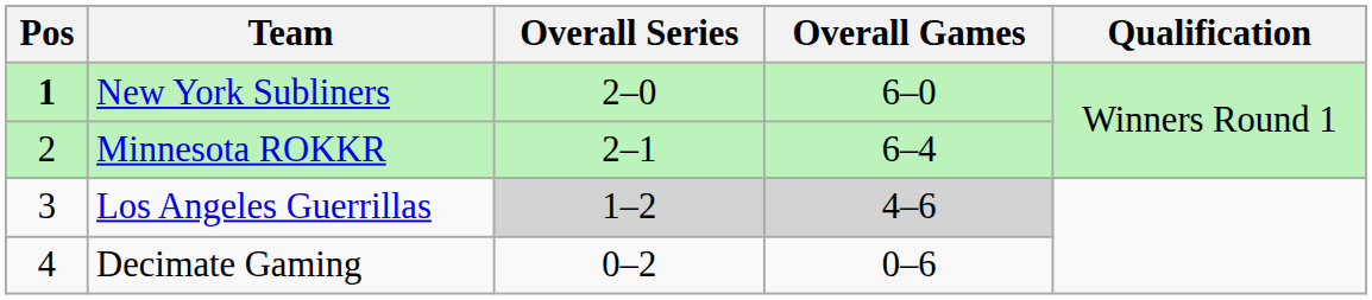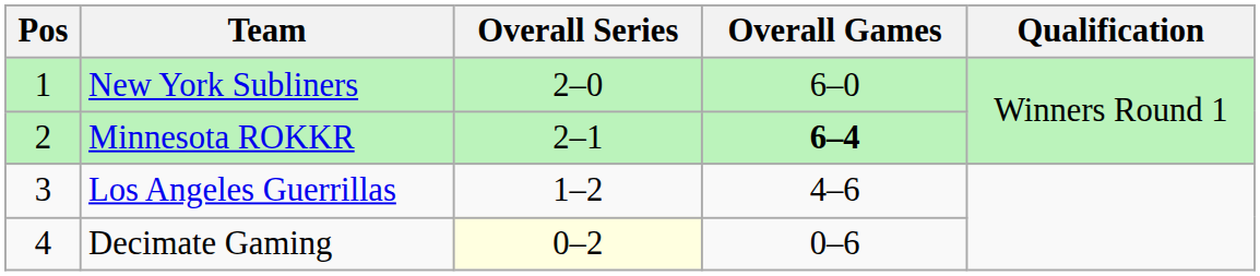 <table class="wikitable" width="600px" style="text-align:center">
 <tr>
 <th>Pos</th>
 <th>Team</th>
 <th>Overall Series</th>
 <th>Overall Games</th>
 <th>Qualification</th>
 </tr>
 <tr style="background:#BBF3BB">
-<td><strong>1</strong></td>
+<td>1</td>
 <td style="text-align:left"><a href='#'>New York Subliners</a></td>
 <td>2–0</td>
 <td>6–0</td>
 <td rowspan="2">Winners Round 1</td>
 </tr>
 <tr style="background:#BBF3BB">
 <td>2</td>
 <td style="text-align:left"><a href='#'>Minnesota ROKKR</a></td>
 <td>2–1</td>
-<td>6–4</td>
+<td><strong>6–4</strong></td>
 </tr>
 <tr>
 <td>3</td>
 <td style="text-align:left;"><a href='#'>Los Angeles Guerrillas</a></td>
-<td style="background: lightgrey;">1–2</td>
-<td style="background: lightgrey;">4–6</td>
+<td>1–2</td>
+<td>4–6</td>
 </tr>
 <tr>
 <td>4</td>
 <td style="text-align:left;">Decimate Gaming</td>
-<td>0–2</td>
+<td style="background: lightyellow;">0–2</td>
 <td>0–6</td>
 </tr>
 </table>
